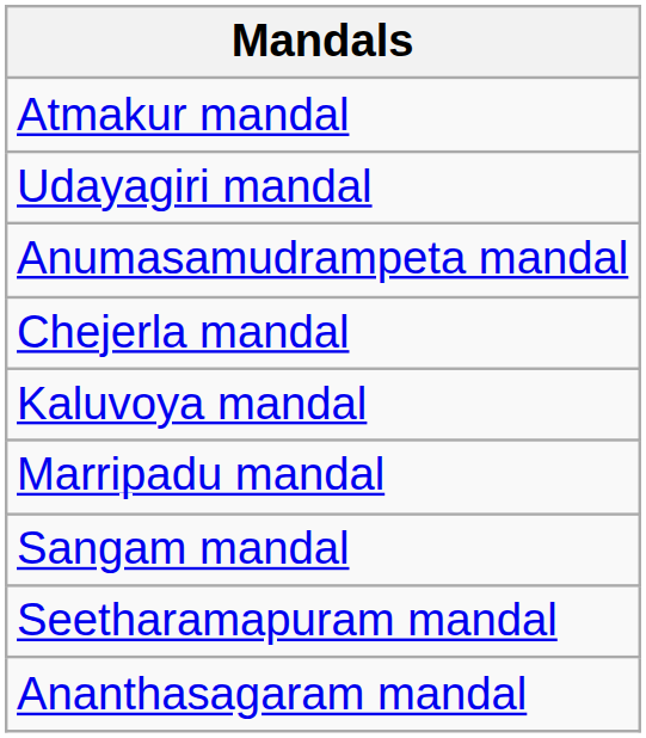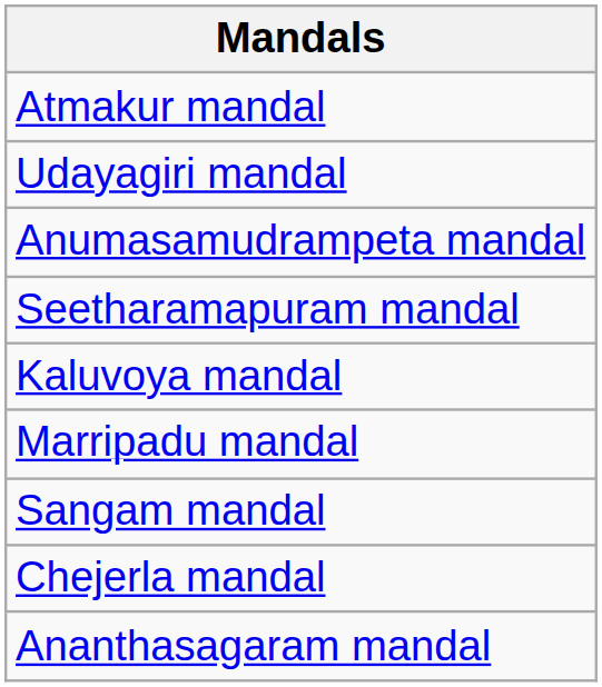 <table class="wikitable sortable static-row-numbers static-row-header-hash">
 <tr>
 <th>Mandals</th>
 </tr>
 <tr>
 <td><a href='#'>Atmakur mandal</a></td>
 </tr>
 <tr>
 <td><a href='#'>Udayagiri mandal</a></td>
 </tr>
 <tr>
 <td><a href='#'>Anumasamudrampeta mandal</a></td>
 </tr>
 <tr>
-<td><a href='#'>Chejerla mandal</a></td>
+<td><a href='#'>Seetharamapuram mandal</a></td>
 </tr>
 <tr>
 <td><a href='#'>Kaluvoya mandal</a></td>
 </tr>
 <tr>
 <td><a href='#'>Marripadu mandal</a></td>
 </tr>
 <tr>
 <td><a href='#'>Sangam mandal</a></td>
 </tr>
 <tr>
-<td><a href='#'>Seetharamapuram mandal</a></td>
+<td><a href='#'>Chejerla mandal</a></td>
 </tr>
 <tr>
 <td><a href='#'>Ananthasagaram mandal</a></td>
 </tr>
 </table>
